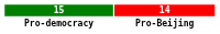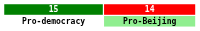 <table style="width:50%; text-align:center;">
 <tr style="color:white;">
 <td style="background:green; width:52%;"><strong>15</strong></td>
 <td style="background:red; width:48%;"><strong>14</strong></td>
 </tr>
 <tr>
 <td><span><strong>Pro-democracy</strong></span></td>
-<td><span><strong>Pro-Beijing</strong></span></td>
+<td style="background: lightgreen;"><span><strong>Pro-Beijing</strong></span></td>
 </tr>
 </table>
